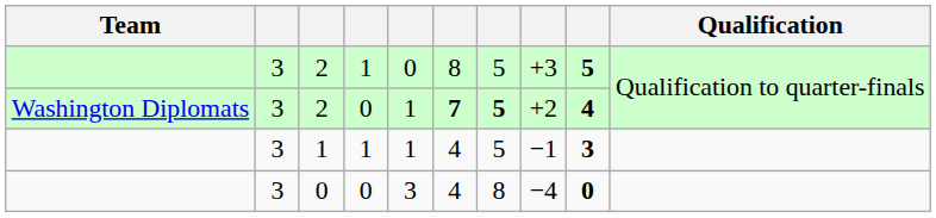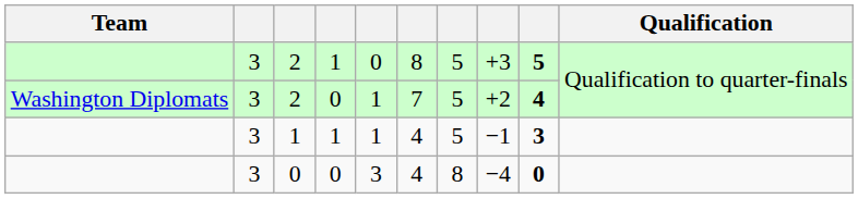 <table class="wikitable" style="text-align:center;">
 <tr>
 <th>Team</th>
 <th width=20></th>
 <th width=20></th>
 <th width=20></th>
 <th width=20></th>
 <th width=20></th>
 <th width=20></th>
 <th width=20></th>
 <th width=20></th>
 <th>Qualification</th>
 </tr>
 <tr bgcolor="#ccffcc">
 <td align="left"></td>
 <td>3</td>
 <td>2</td>
 <td>1</td>
 <td>0</td>
 <td>8</td>
 <td>5</td>
 <td>+3</td>
 <td><strong>5</strong></td>
 <td rowspan="2">Qualification to quarter-finals</td>
 </tr>
 <tr bgcolor="#ccffcc">
 <td align="left"> <a href='#'>Washington Diplomats</a></td>
 <td>3</td>
 <td>2</td>
 <td>0</td>
 <td>1</td>
-<td><strong>7</strong></td>
-<td><strong>5</strong></td>
+<td>7</td>
+<td>5</td>
 <td>+2</td>
 <td><strong>4</strong></td>
 </tr>
 <tr>
 <td align="left"></td>
 <td>3</td>
 <td>1</td>
 <td>1</td>
 <td>1</td>
 <td>4</td>
 <td>5</td>
 <td>−1</td>
 <td><strong>3</strong></td>
 <td></td>
 </tr>
 <tr>
 <td align="left"></td>
 <td>3</td>
 <td>0</td>
 <td>0</td>
 <td>3</td>
 <td>4</td>
 <td>8</td>
 <td>−4</td>
 <td><strong>0</strong></td>
 <td></td>
 </tr>
 </table>
